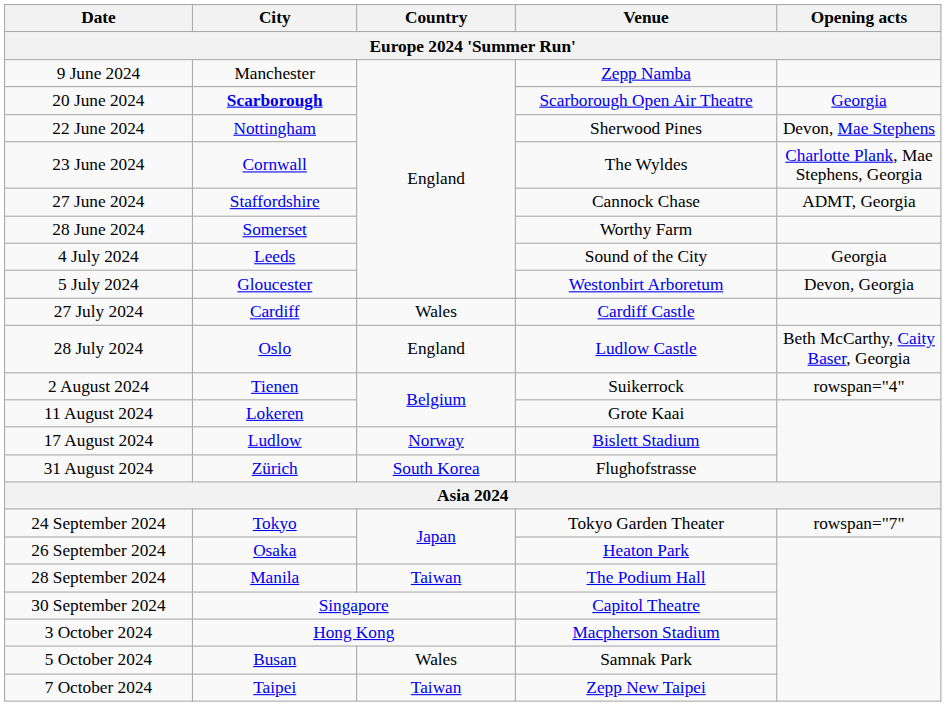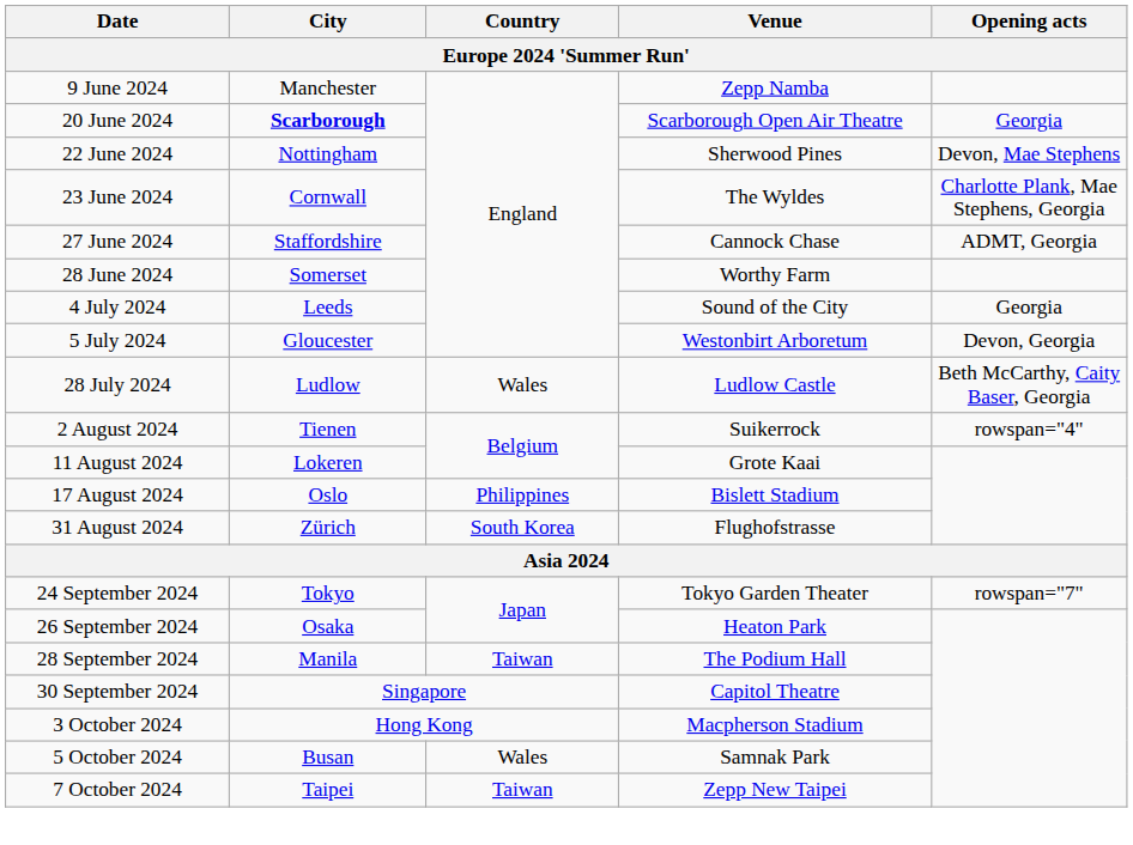 <table class="wikitable" style="text-align:center">
 <tr>
 <th scope="col" style="width:12em;">Date</th>
 <th scope="col" style="width:10em;">City</th>
 <th scope="col" style="width:10em;">Country</th>
 <th scope="col" style="width:17em;">Venue</th>
 <th scope="col" style="width:10em;">Opening acts</th>
 </tr>
 <tr>
 <th colspan="5">Europe 2024 'Summer Run'</th>
 </tr>
 <tr>
 <td>9 June 2024</td>
 <td>Manchester</td>
 <td rowspan="8">England</td>
 <td><a href='#'>Zepp Namba</a></td>
 <td></td>
 </tr>
 <tr>
 <td>20 June 2024</td>
 <td><strong><a href='#'>Scarborough</a></strong></td>
 <td><a href='#'>Scarborough Open Air Theatre</a></td>
 <td><a href='#'>Georgia</a></td>
 </tr>
 <tr>
 <td>22 June 2024</td>
 <td><a href='#'>Nottingham</a></td>
 <td>Sherwood Pines</td>
 <td>Devon, <a href='#'>Mae Stephens</a></td>
 </tr>
 <tr>
 <td>23 June 2024</td>
 <td><a href='#'>Cornwall</a></td>
 <td>The Wyldes</td>
 <td><a href='#'>Charlotte Plank</a>, Mae Stephens, Georgia</td>
 </tr>
 <tr>
 <td>27 June 2024</td>
 <td><a href='#'>Staffordshire</a></td>
 <td>Cannock Chase</td>
 <td>ADMT, Georgia</td>
 </tr>
 <tr>
 <td>28 June 2024</td>
 <td><a href='#'>Somerset</a></td>
 <td>Worthy Farm</td>
 <td></td>
 </tr>
 <tr>
 <td>4 July 2024</td>
 <td><a href='#'>Leeds</a></td>
 <td>Sound of the City</td>
 <td>Georgia</td>
 </tr>
 <tr>
 <td>5 July 2024</td>
 <td><a href='#'>Gloucester</a></td>
 <td><a href='#'>Westonbirt Arboretum</a></td>
 <td>Devon, Georgia</td>
 </tr>
 <tr>
-<td>27 July 2024</td>
-<td><a href='#'>Cardiff</a></td>
+<td>28 July 2024</td>
+<td><a href='#'>Ludlow</a></td>
 <td>Wales</td>
-<td><a href='#'>Cardiff Castle</a></td>
-<td></td>
-</tr>
-<tr>
-<td>28 July 2024</td>
-<td><a href='#'>Oslo</a></td>
-<td>England</td>
 <td><a href='#'>Ludlow Castle</a></td>
 <td>Beth McCarthy, <a href='#'>Caity Baser</a>, Georgia</td>
 </tr>
 <tr>
 <td>2 August 2024</td>
 <td><a href='#'>Tienen</a></td>
 <td rowspan="2"><a href='#'>Belgium</a></td>
 <td>Suikerrock</td>
 <td>rowspan="4" </td>
 </tr>
 <tr>
 <td>11 August 2024</td>
 <td><a href='#'>Lokeren</a></td>
 <td>Grote Kaai</td>
 </tr>
 <tr>
 <td>17 August 2024</td>
-<td><a href='#'>Ludlow</a></td>
-<td><a href='#'>Norway</a></td>
+<td><a href='#'>Oslo</a></td>
+<td><a href='#'>Philippines</a></td>
 <td><a href='#'>Bislett Stadium</a></td>
 </tr>
 <tr>
 <td>31 August 2024</td>
 <td><a href='#'>Zürich</a></td>
 <td><a href='#'>South Korea</a></td>
 <td>Flughofstrasse</td>
 </tr>
 <tr>
 <th colspan="5">Asia 2024</th>
 </tr>
 <tr>
 <td>24 September 2024</td>
 <td><a href='#'>Tokyo</a></td>
 <td rowspan="2"><a href='#'>Japan</a></td>
 <td>Tokyo Garden Theater</td>
 <td>rowspan="7" </td>
 </tr>
 <tr>
 <td>26 September 2024</td>
 <td><a href='#'>Osaka</a></td>
 <td><a href='#'>Heaton Park</a></td>
 </tr>
 <tr>
 <td>28 September 2024</td>
 <td><a href='#'>Manila</a></td>
 <td><a href='#'>Taiwan</a></td>
 <td><a href='#'>The Podium Hall</a></td>
 </tr>
 <tr>
 <td>30 September 2024</td>
 <td colspan="2"><a href='#'>Singapore</a></td>
 <td><a href='#'>Capitol Theatre</a></td>
 </tr>
 <tr>
 <td>3 October 2024</td>
 <td colspan="2"><a href='#'>Hong Kong</a></td>
 <td><a href='#'>Macpherson Stadium</a></td>
 </tr>
 <tr>
 <td>5 October 2024</td>
 <td><a href='#'>Busan</a></td>
 <td>Wales</td>
 <td>Samnak Park</td>
 </tr>
 <tr>
 <td>7 October 2024</td>
 <td><a href='#'>Taipei</a></td>
 <td><a href='#'>Taiwan</a></td>
 <td><a href='#'>Zepp New Taipei</a></td>
 </tr>
 </table>
